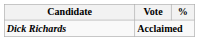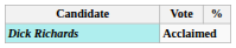 <table class="wikitable">
 <tr>
 <th bgcolor="#DDDDFF" width="200px">Candidate</th>
 <th bgcolor="#DDDDFF" width="50px">Vote</th>
 <th bgcolor="#DDDDFF" width="30px">%</th>
 </tr>
 <tr>
-<td><strong><em>Dick Richards</em></strong></td>
+<td style="background: paleturquoise;"><strong><em>Dick Richards</em></strong></td>
 <td colspan="2"><strong>Acclaimed</strong></td>
 </tr>
 </table>
